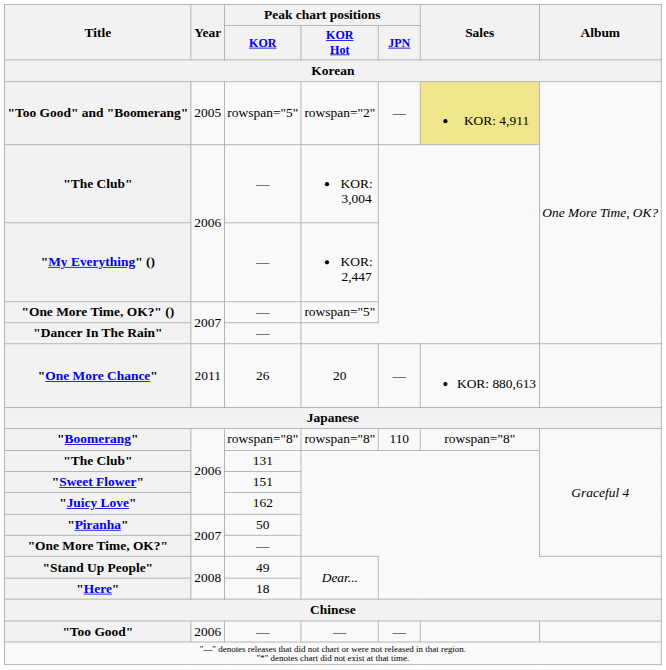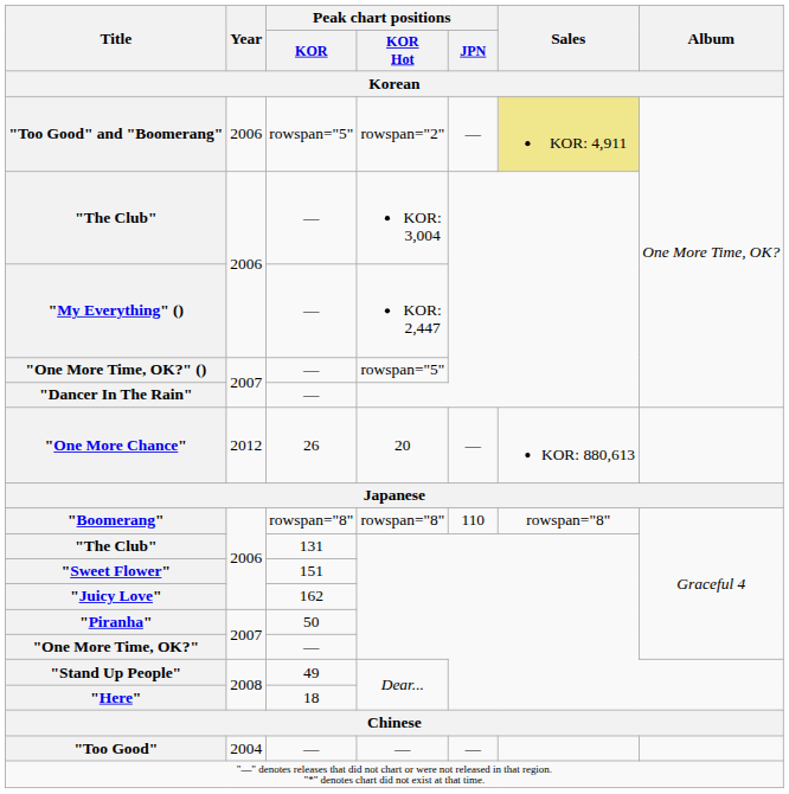 <table class="wikitable plainrowheaders" style="text-align:center;" border="1">
 <tr>
 <th scope="col" rowspan="2">Title</th>
 <th scope="col" rowspan="2">Year</th>
 <th scope="col" colspan="3">Peak chart positions</th>
 <th scope="col" rowspan="2">Sales</th>
 <th scope="col" rowspan="2">Album</th>
 </tr>
 <tr>
 <th scope="col" style="width:3em;font-size:90%;"><a href='#'>KOR</a><br></th>
 <th scope="col" style="width:3em;font-size:90%;"><a href='#'>KOR<br>Hot</a><br></th>
 <th scope="col" style="width:3em;font-size:90%;"><a href='#'>JPN</a><br></th>
 </tr>
 <tr>
 <th colspan="7">Korean</th>
 </tr>
 <tr>
 <th scope="row">"Too Good" and "Boomerang"</th>
-<td>2005</td>
+<td>2006</td>
 <td>rowspan="5" </td>
 <td>rowspan="2" </td>
 <td>—</td>
 <td style="background: khaki;"><br><ul><li>KOR: 4,911 </li></ul></td>
 <td rowspan="5"><em>One More Time, OK?</em></td>
 </tr>
 <tr>
 <th scope="row">"The Club"<br></th>
 <td rowspan="2">2006</td>
 <td>—</td>
 <td><br><ul><li>KOR: 3,004 </li></ul></td>
 </tr>
 <tr>
 <th scope="row">"<a href='#'>My Everything</a>" ()</th>
 <td>—</td>
 <td><br><ul><li>KOR: 2,447 </li></ul></td>
 </tr>
 <tr>
 <th scope="row">"One More Time, OK?" ()</th>
 <td rowspan="2">2007</td>
 <td>—</td>
 <td>rowspan="5" </td>
 </tr>
 <tr>
 <th scope="row">"Dancer In The Rain"</th>
 <td>—</td>
 </tr>
 <tr>
 <th scope="row">"<a href='#'>One More Chance</a>"<br></th>
-<td>2011</td>
+<td>2012</td>
 <td>26</td>
 <td>20</td>
 <td>—</td>
 <td><br><ul><li>KOR: 880,613</li></ul></td>
 <td></td>
 </tr>
 <tr>
 <th colspan="7">Japanese</th>
 </tr>
 <tr>
 <th scope="row">"<a href='#'>Boomerang</a>"</th>
 <td rowspan="4">2006</td>
 <td>rowspan="8" </td>
 <td>rowspan="8" </td>
 <td>110</td>
 <td>rowspan="8" </td>
 <td rowspan="6"><em>Graceful 4</em></td>
 </tr>
 <tr>
 <th scope="row">"The Club"<br></th>
 <td>131</td>
 </tr>
 <tr>
 <th scope="row">"<a href='#'>Sweet Flower</a>"</th>
 <td>151</td>
 </tr>
 <tr>
 <th scope="row">"<a href='#'>Juicy Love</a>"<br></th>
 <td>162</td>
 </tr>
 <tr>
 <th scope="row">"<a href='#'>Piranha</a>"</th>
 <td rowspan="2">2007</td>
 <td>50</td>
 </tr>
 <tr>
 <th scope="row">"One More Time, OK?"</th>
 <td>—</td>
 </tr>
 <tr>
 <th scope="row">"Stand Up People"</th>
 <td rowspan="2">2008</td>
 <td>49</td>
 <td rowspan="2"><em>Dear...</em></td>
 </tr>
 <tr>
 <th scope="row">"<a href='#'>Here</a>"<br></th>
 <td>18</td>
 </tr>
 <tr>
 <th colspan="7">Chinese</th>
 </tr>
 <tr>
 <th scope="row">"Too Good"</th>
-<td>2006</td>
+<td>2004</td>
 <td>—</td>
 <td>—</td>
 <td>—</td>
 <td></td>
 <td></td>
 </tr>
 <tr>
 <td colspan="7" style="font-size:8pt;">"—" denotes releases that did not chart or were not released in that region.<br>"*" denotes chart did not exist at that time.</td>
 </tr>
 </table>
